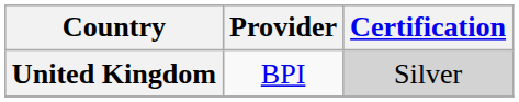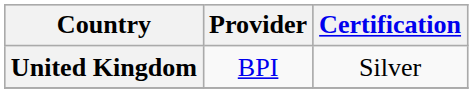 <table class="wikitable sortable plainrowheaders" style="text-align:center">
 <tr>
 <th scope="col">Country</th>
 <th scope="col" class="unsortable">Provider</th>
 <th scope="col"><a href='#'>Certification</a></th>
 </tr>
 <tr>
 <th scope="row">United Kingdom</th>
 <td><a href='#'>BPI</a></td>
-<td style="background: lightgrey;">Silver</td>
+<td>Silver</td>
 </tr>
 <tr>
 </tr>
 </table>
